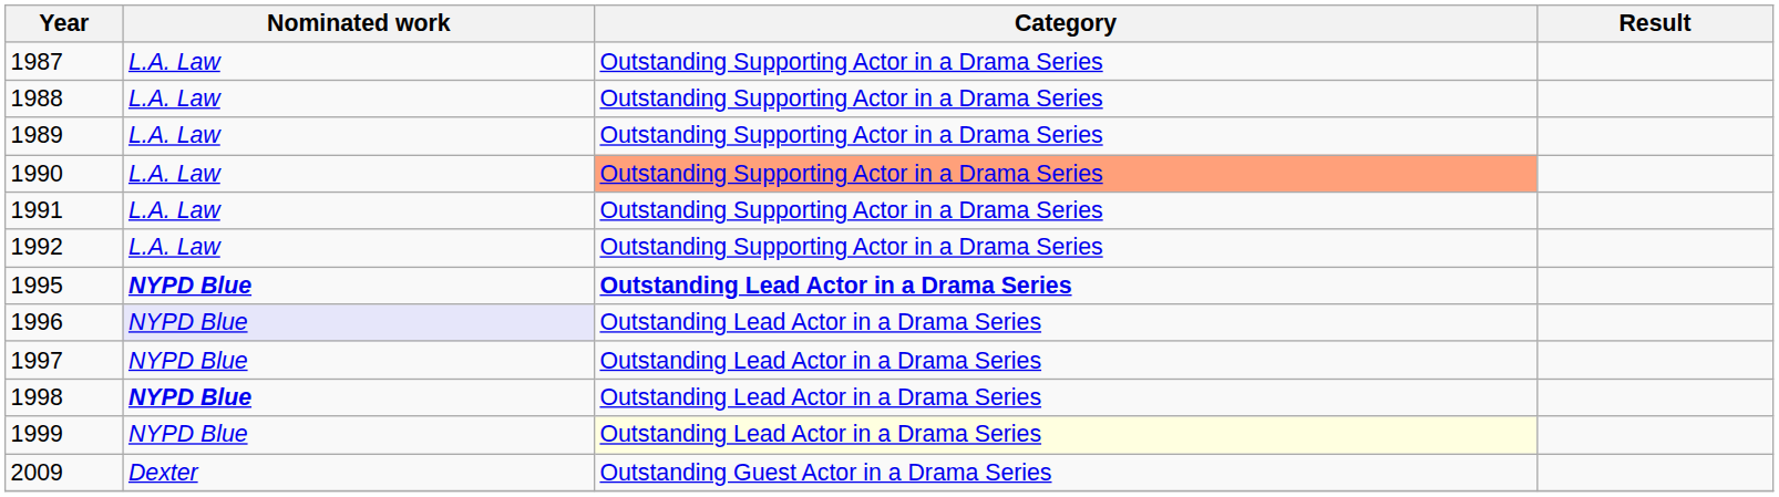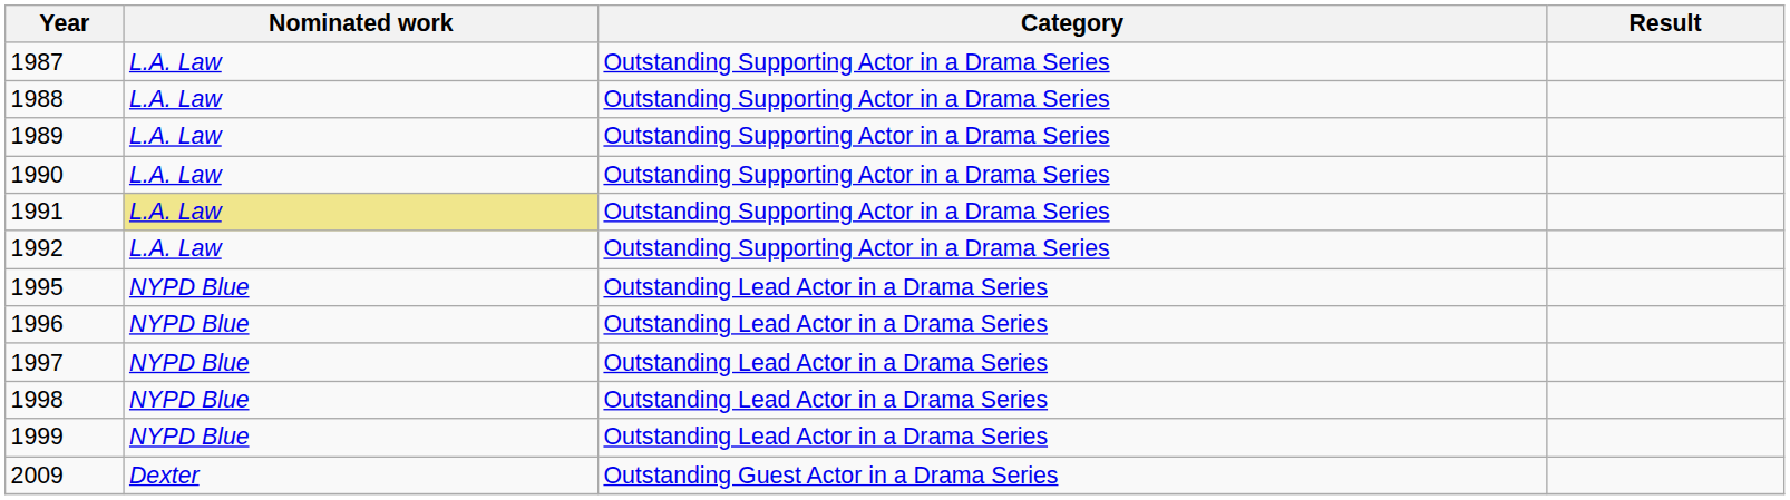 <table width="95%" class="wikitable sortable">
 <tr>
 <th width="5%">Year</th>
 <th width="20%">Nominated work</th>
 <th width="40%">Category</th>
 <th width="10%">Result</th>
 </tr>
 <tr>
 <td>1987</td>
 <td><em><a href='#'>L.A. Law</a></em></td>
 <td><a href='#'>Outstanding Supporting Actor in a Drama Series</a></td>
 <td></td>
 </tr>
 <tr>
 <td>1988</td>
 <td><em><a href='#'>L.A. Law</a></em></td>
 <td><a href='#'>Outstanding Supporting Actor in a Drama Series</a></td>
 <td></td>
 </tr>
 <tr>
 <td>1989</td>
 <td><em><a href='#'>L.A. Law</a></em></td>
 <td><a href='#'>Outstanding Supporting Actor in a Drama Series</a></td>
 <td></td>
 </tr>
 <tr>
 <td>1990</td>
 <td><em><a href='#'>L.A. Law</a></em></td>
-<td style="background: lightsalmon;"><a href='#'>Outstanding Supporting Actor in a Drama Series</a></td>
+<td><a href='#'>Outstanding Supporting Actor in a Drama Series</a></td>
 <td></td>
 </tr>
 <tr>
 <td>1991</td>
-<td><em><a href='#'>L.A. Law</a></em></td>
+<td style="background: khaki;"><em><a href='#'>L.A. Law</a></em></td>
 <td><a href='#'>Outstanding Supporting Actor in a Drama Series</a></td>
 <td></td>
 </tr>
 <tr>
 <td>1992</td>
 <td><em><a href='#'>L.A. Law</a></em></td>
 <td><a href='#'>Outstanding Supporting Actor in a Drama Series</a></td>
 <td></td>
 </tr>
 <tr>
 <td>1995</td>
-<td><strong><em><a href='#'>NYPD Blue</a></em></strong></td>
-<td><strong><a href='#'>Outstanding Lead Actor in a Drama Series</a></strong></td>
+<td><em><a href='#'>NYPD Blue</a></em></td>
+<td><a href='#'>Outstanding Lead Actor in a Drama Series</a></td>
 <td></td>
 </tr>
 <tr>
 <td>1996</td>
-<td style="background: lavender;"><em><a href='#'>NYPD Blue</a></em></td>
+<td><em><a href='#'>NYPD Blue</a></em></td>
 <td><a href='#'>Outstanding Lead Actor in a Drama Series</a></td>
 <td></td>
 </tr>
 <tr>
 <td>1997</td>
 <td><em><a href='#'>NYPD Blue</a></em></td>
 <td><a href='#'>Outstanding Lead Actor in a Drama Series</a></td>
 <td></td>
 </tr>
 <tr>
 <td>1998</td>
-<td><strong><em><a href='#'>NYPD Blue</a></em></strong></td>
+<td><em><a href='#'>NYPD Blue</a></em></td>
 <td><a href='#'>Outstanding Lead Actor in a Drama Series</a></td>
 <td></td>
 </tr>
 <tr>
 <td>1999</td>
 <td><em><a href='#'>NYPD Blue</a></em></td>
-<td style="background: lightyellow;"><a href='#'>Outstanding Lead Actor in a Drama Series</a></td>
+<td><a href='#'>Outstanding Lead Actor in a Drama Series</a></td>
 <td></td>
 </tr>
 <tr>
 <td>2009</td>
 <td><em><a href='#'>Dexter</a></em></td>
 <td><a href='#'>Outstanding Guest Actor in a Drama Series</a></td>
 <td></td>
 </tr>
 <tr>
 </tr>
 </table>
